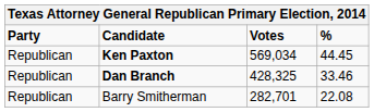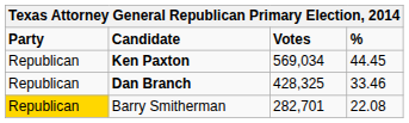 <table class="wikitable">
 <tr>
 <th colspan="4">Texas Attorney General Republican Primary Election, 2014</th>
 </tr>
 <tr>
 <td><strong>Party</strong></td>
 <td><strong>Candidate</strong></td>
 <td><strong>Votes</strong></td>
 <td><strong>%</strong></td>
 </tr>
 <tr>
 <td>Republican</td>
 <td><strong>Ken Paxton</strong></td>
 <td>569,034</td>
 <td>44.45</td>
 </tr>
 <tr>
 <td>Republican</td>
 <td><strong>Dan Branch</strong></td>
 <td>428,325</td>
 <td>33.46</td>
 </tr>
 <tr>
-<td>Republican</td>
+<td style="background: gold;">Republican</td>
 <td>Barry Smitherman</td>
 <td>282,701</td>
 <td>22.08</td>
 </tr>
 </table>
